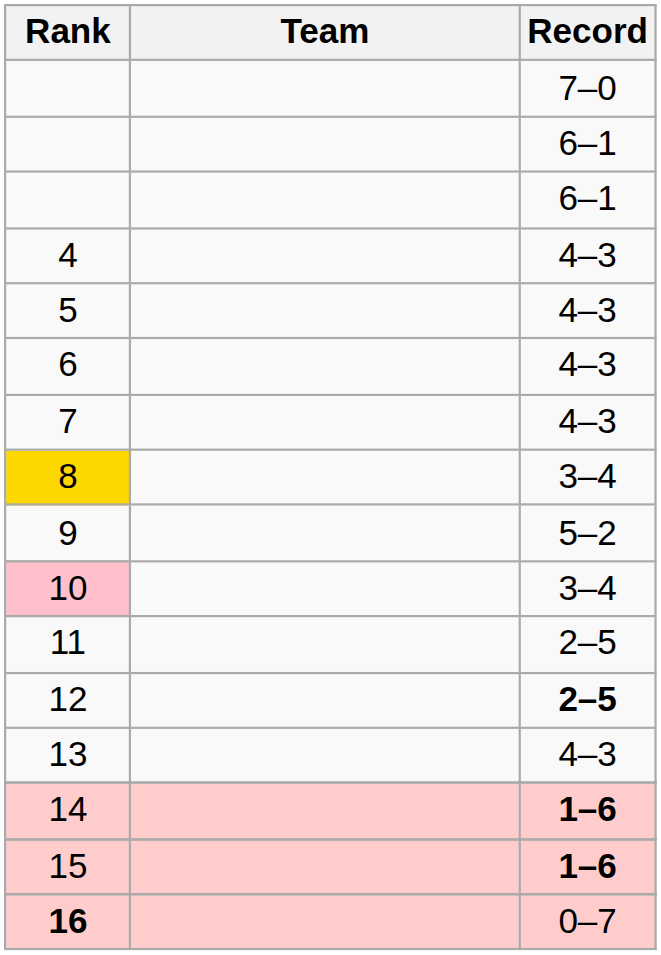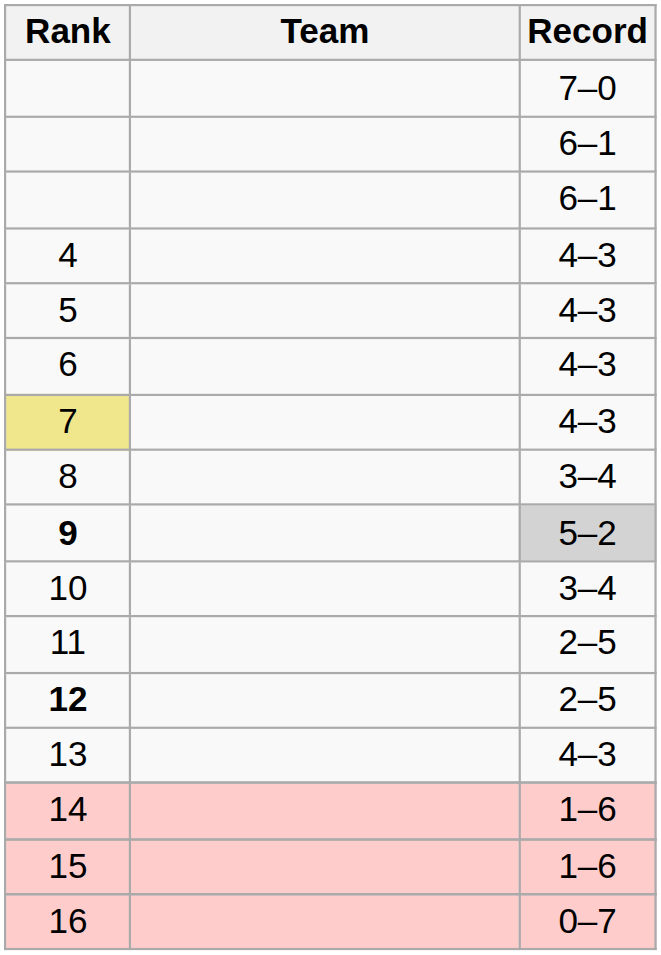 <table class="wikitable" style="text-align: center">
 <tr>
 <th width=50>Rank</th>
 <th width=170>Team</th>
 <th width=50>Record</th>
 </tr>
 <tr>
 <td></td>
 <td align=left></td>
 <td>7–0</td>
 </tr>
 <tr>
 <td></td>
 <td align=left></td>
 <td>6–1</td>
 </tr>
 <tr>
 <td></td>
 <td align=left></td>
 <td>6–1</td>
 </tr>
 <tr>
 <td>4</td>
 <td align=left></td>
 <td>4–3</td>
 </tr>
 <tr>
 <td>5</td>
 <td align=left></td>
 <td>4–3</td>
 </tr>
 <tr>
 <td>6</td>
 <td align=left></td>
 <td>4–3</td>
 </tr>
 <tr>
-<td>7</td>
+<td style="background: khaki;">7</td>
 <td align=left></td>
 <td>4–3</td>
 </tr>
 <tr>
-<td style="background: gold;">8</td>
+<td>8</td>
 <td align=left></td>
 <td>3–4</td>
 </tr>
 <tr>
-<td>9</td>
+<td><strong>9</strong></td>
 <td align=left></td>
-<td>5–2</td>
+<td style="background: lightgrey;">5–2</td>
 </tr>
 <tr>
-<td style="background: pink;">10</td>
+<td>10</td>
 <td align=left></td>
 <td>3–4</td>
 </tr>
 <tr>
 <td>11</td>
 <td align=left></td>
 <td>2–5</td>
 </tr>
 <tr>
-<td>12</td>
+<td><strong>12</strong></td>
 <td align=left></td>
-<td><strong>2–5</strong></td>
+<td>2–5</td>
 </tr>
 <tr>
 <td>13</td>
 <td align=left></td>
 <td>4–3</td>
 </tr>
 <tr>
 </tr>
 <tr bgcolor=#ffcccc>
 <td>14</td>
 <td align=left></td>
-<td><strong>1–6</strong></td>
+<td>1–6</td>
 </tr>
 <tr>
 </tr>
 <tr bgcolor=#ffcccc>
 <td>15</td>
 <td align=left></td>
-<td><strong>1–6</strong></td>
+<td>1–6</td>
 </tr>
 <tr>
 </tr>
 <tr bgcolor=#ffcccc>
-<td><strong>16</strong></td>
+<td>16</td>
 <td align=left></td>
 <td>0–7</td>
 </tr>
 </table>
